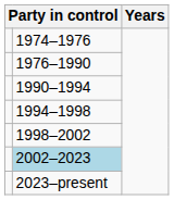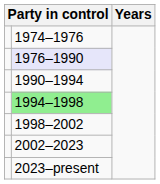 <table class="wikitable">
 <tr>
 <th colspan="2">Party in control</th>
 <th>Years</th>
 </tr>
 <tr>
 <td></td>
 <td>1974–1976</td>
 </tr>
 <tr>
 <td></td>
-<td>1976–1990</td>
+<td style="background: lavender;">1976–1990</td>
 </tr>
 <tr>
 <td></td>
 <td>1990–1994</td>
 </tr>
 <tr>
 <td></td>
-<td>1994–1998</td>
+<td style="background: lightgreen;">1994–1998</td>
 </tr>
 <tr>
 <td></td>
 <td>1998–2002</td>
 </tr>
 <tr>
 <td></td>
-<td style="background: lightblue;">2002–2023</td>
+<td>2002–2023</td>
 </tr>
 <tr>
 <td></td>
 <td>2023–present</td>
 </tr>
 </table>
